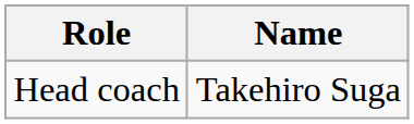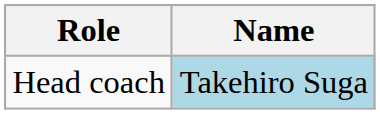 <table class="wikitable">
 <tr>
 <th>Role</th>
 <th>Name</th>
 </tr>
 <tr>
 <td>Head coach</td>
-<td> Takehiro Suga<br></td>
+<td style="background: lightblue;"> Takehiro Suga<br></td>
 </tr>
 </table>
